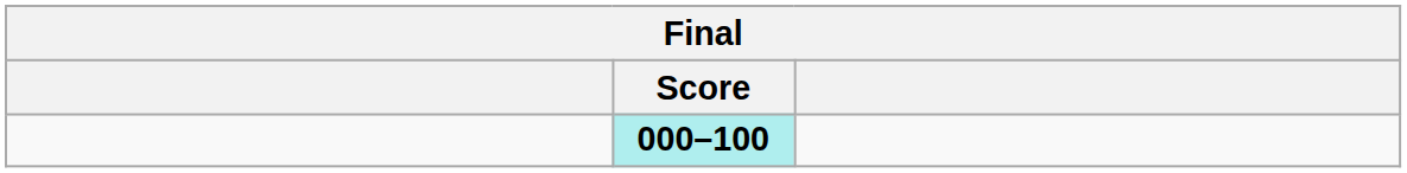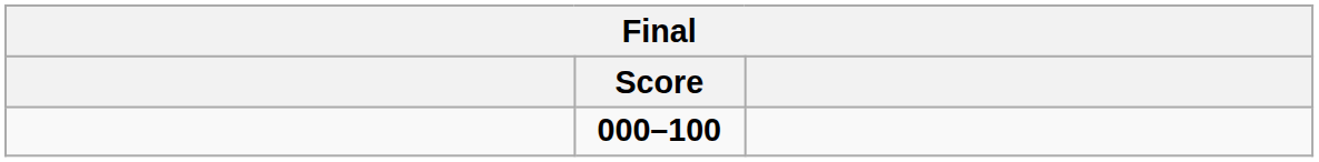 <table class="wikitable" style="text-align: center; font-size:90% ">
 <tr>
 <th colspan=3>Final</th>
 </tr>
 <tr>
 <th align="right" width="250"></th>
 <th width="70">Score</th>
 <th align="left" width="250"></th>
 </tr>
 <tr>
 <td align=left></td>
-<td align=center style="background: paleturquoise;"><strong>000–100</strong></td>
+<td align=center><strong>000–100</strong></td>
 <td align=left><strong></strong></td>
 </tr>
 </table>
